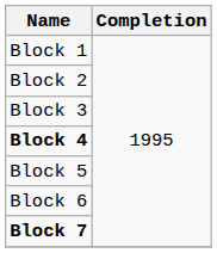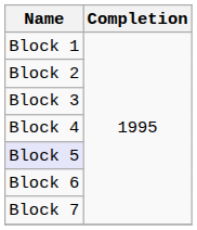 <table class="wikitable" style="text-align: center">
 <tr>
 <th>Name</th>
 <th>Completion</th>
 </tr>
 <tr>
 <td>Block 1</td>
 <td rowspan="7">1995</td>
 </tr>
 <tr>
 <td>Block 2</td>
 </tr>
 <tr>
 <td>Block 3</td>
 </tr>
 <tr>
-<td><strong>Block 4</strong></td>
+<td>Block 4</td>
 </tr>
 <tr>
-<td>Block 5</td>
+<td style="background: lavender;">Block 5</td>
 </tr>
 <tr>
 <td>Block 6</td>
 </tr>
 <tr>
-<td><strong>Block 7</strong></td>
+<td>Block 7</td>
 </tr>
 <tr>
 </tr>
 </table>
